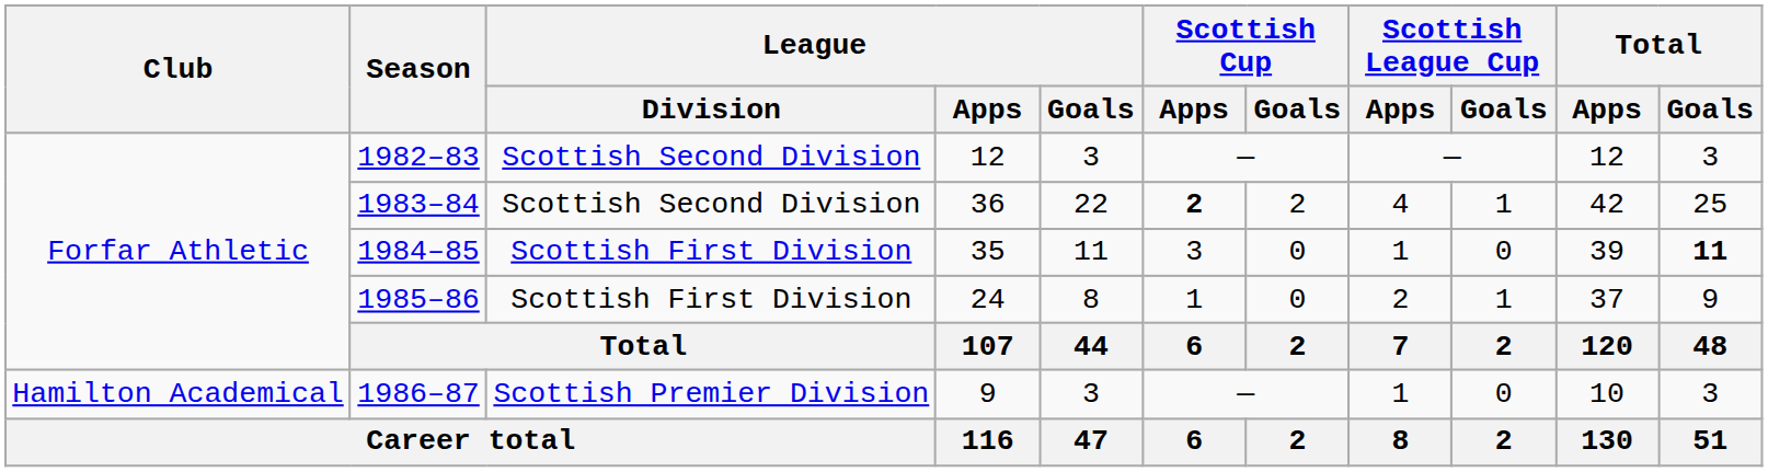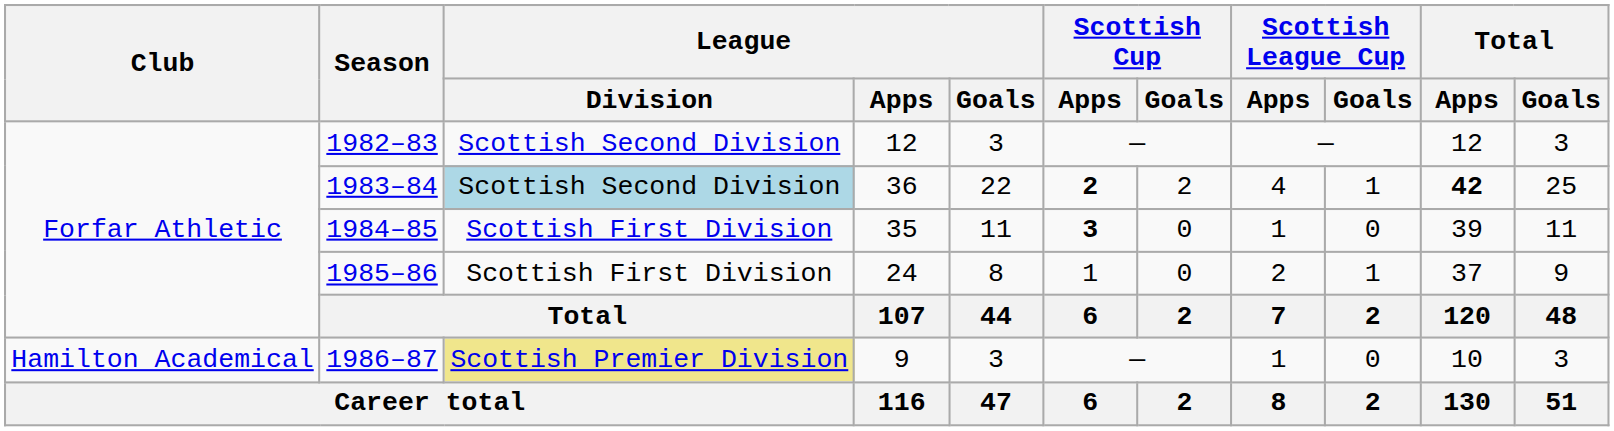 <table class="wikitable" style="text-align: center">
 <tr>
 <th rowspan="2">Club</th>
 <th rowspan="2">Season</th>
 <th colspan="3">League</th>
 <th colspan="2"><a href='#'>Scottish Cup</a></th>
 <th colspan="2"><a href='#'>Scottish League Cup</a></th>
 <th colspan="2">Total</th>
 </tr>
 <tr>
 <th>Division</th>
 <th width="40">Apps</th>
 <th width="40">Goals</th>
 <th width="40">Apps</th>
 <th width="40">Goals</th>
 <th width="40">Apps</th>
 <th width="40">Goals</th>
 <th width="40">Apps</th>
 <th width="40">Goals</th>
 </tr>
 <tr>
 <td rowspan="5"><a href='#'>Forfar Athletic</a></td>
 <td><a href='#'>1982–83</a></td>
 <td><a href='#'>Scottish Second Division</a></td>
 <td>12</td>
 <td>3</td>
 <td colspan="2">—</td>
 <td colspan="2">—</td>
 <td>12</td>
 <td>3</td>
 </tr>
 <tr>
 <td><a href='#'>1983–84</a></td>
-<td>Scottish Second Division</td>
+<td style="background: lightblue;">Scottish Second Division</td>
 <td>36</td>
 <td>22</td>
 <td><strong>2</strong></td>
 <td>2</td>
 <td>4</td>
 <td>1</td>
-<td>42</td>
+<td><strong>42</strong></td>
 <td>25</td>
 </tr>
 <tr>
 <td><a href='#'>1984–85</a></td>
 <td><a href='#'>Scottish First Division</a></td>
 <td>35</td>
 <td>11</td>
-<td>3</td>
+<td><strong>3</strong></td>
 <td>0</td>
 <td>1</td>
 <td>0</td>
 <td>39</td>
-<td><strong>11</strong></td>
+<td>11</td>
 </tr>
 <tr>
 <td><a href='#'>1985–86</a></td>
 <td>Scottish First Division</td>
 <td>24</td>
 <td>8</td>
 <td>1</td>
 <td>0</td>
 <td>2</td>
 <td>1</td>
 <td>37</td>
 <td>9</td>
 </tr>
 <tr>
 <th colspan="2">Total</th>
 <th>107</th>
 <th>44</th>
 <th>6</th>
 <th>2</th>
 <th>7</th>
 <th>2</th>
 <th>120</th>
 <th>48</th>
 </tr>
 <tr>
 <td><a href='#'>Hamilton Academical</a></td>
 <td><a href='#'>1986–87</a></td>
-<td><a href='#'>Scottish Premier Division</a></td>
+<td style="background: khaki;"><a href='#'>Scottish Premier Division</a></td>
 <td>9</td>
 <td>3</td>
 <td colspan="2">—</td>
 <td>1</td>
 <td>0</td>
 <td>10</td>
 <td>3</td>
 </tr>
 <tr>
 <th colspan="3">Career total</th>
 <th>116</th>
 <th>47</th>
 <th>6</th>
 <th>2</th>
 <th>8</th>
 <th>2</th>
 <th>130</th>
 <th>51</th>
 </tr>
 </table>
